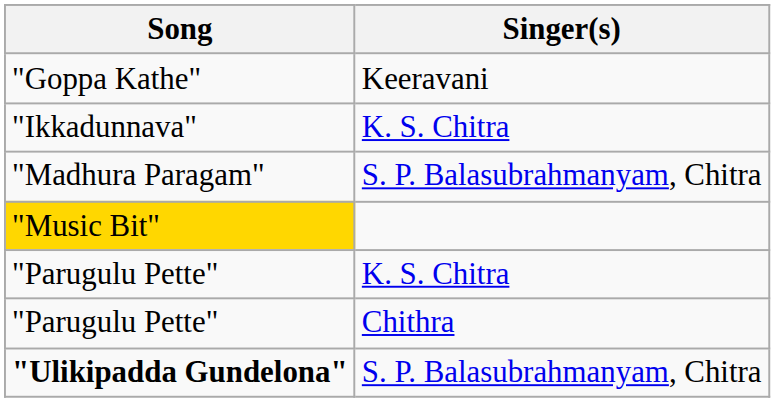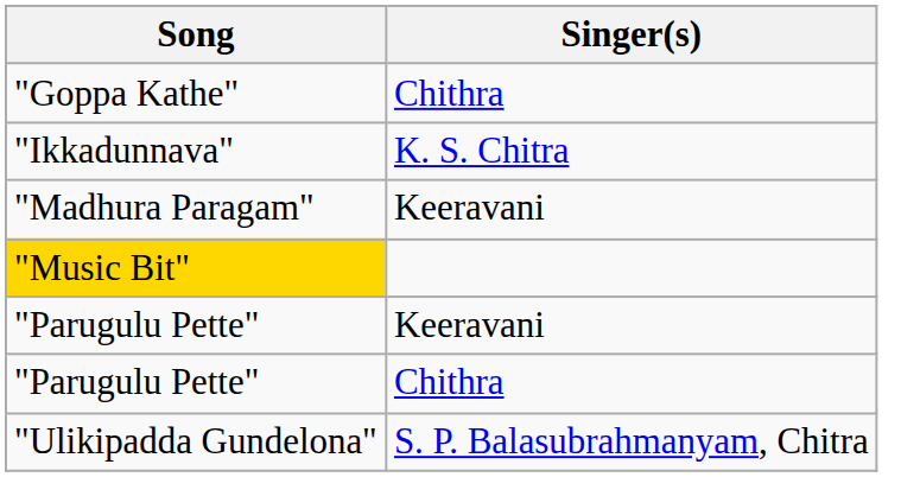 <table class="wikitable">
 <tr>
 <th>Song</th>
 <th>Singer(s)</th>
 </tr>
 <tr>
 <td>"Goppa Kathe"</td>
-<td>Keeravani</td>
+<td><a href='#'>Chithra</a></td>
 </tr>
 <tr>
 <td>"Ikkadunnava"</td>
 <td><a href='#'>K. S. Chitra</a></td>
 </tr>
 <tr>
 <td>"Madhura Paragam"</td>
-<td><a href='#'>S. P. Balasubrahmanyam</a>, Chitra</td>
+<td>Keeravani</td>
 </tr>
 <tr>
 <td style="background: gold;">"Music Bit"</td>
 <td></td>
 </tr>
 <tr>
 <td>"Parugulu Pette"</td>
-<td><a href='#'>K. S. Chitra</a></td>
+<td>Keeravani</td>
 </tr>
 <tr>
 <td>"Parugulu Pette"</td>
 <td><a href='#'>Chithra</a></td>
 </tr>
 <tr>
-<td><strong>"Ulikipadda Gundelona"</strong></td>
+<td>"Ulikipadda Gundelona"</td>
 <td><a href='#'>S. P. Balasubrahmanyam</a>, Chitra</td>
 </tr>
 </table>
